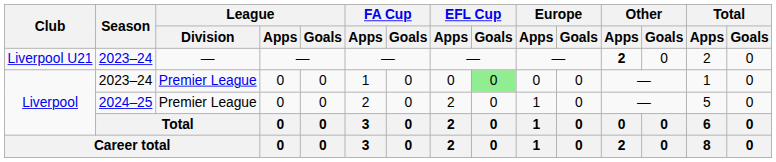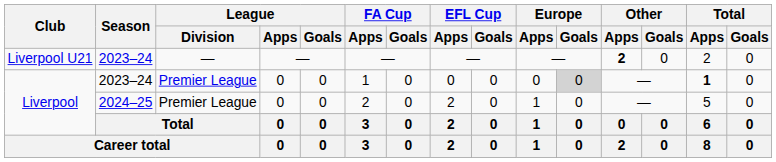 <table class="wikitable" style="text-align: center;">
 <tr>
 <th rowspan="2">Club</th>
 <th rowspan="2">Season</th>
 <th colspan="3">League</th>
 <th colspan="2"><a href='#'>FA Cup</a></th>
 <th colspan="2"><a href='#'>EFL Cup</a></th>
 <th colspan="2">Europe</th>
 <th colspan="2">Other</th>
 <th colspan="2">Total</th>
 </tr>
 <tr>
 <th>Division</th>
 <th>Apps</th>
 <th>Goals</th>
 <th>Apps</th>
 <th>Goals</th>
 <th>Apps</th>
 <th>Goals</th>
 <th>Apps</th>
 <th>Goals</th>
 <th>Apps</th>
 <th>Goals</th>
 <th>Apps</th>
 <th>Goals</th>
 </tr>
 <tr>
 <td rowspan="1"><a href='#'>Liverpool U21</a></td>
 <td><a href='#'>2023–24</a></td>
 <td>—</td>
 <td colspan="2">—</td>
 <td colspan="2">—</td>
 <td colspan="2">—</td>
 <td colspan="2">—</td>
 <td><strong>2</strong></td>
 <td>0</td>
 <td>2</td>
 <td>0</td>
 </tr>
 <tr>
 <td rowspan="3"><a href='#'>Liverpool</a></td>
 <td>2023–24</td>
 <td><a href='#'>Premier League</a></td>
 <td>0</td>
 <td>0</td>
 <td>1</td>
 <td>0</td>
 <td>0</td>
-<td style="background: lightgreen;">0</td>
 <td>0</td>
 <td>0</td>
+<td style="background: lightgrey;">0</td>
 <td colspan="2">—</td>
-<td>1</td>
+<td><strong>1</strong></td>
 <td>0</td>
 </tr>
 <tr>
 <td><a href='#'>2024–25</a></td>
 <td>Premier League</td>
 <td>0</td>
 <td>0</td>
 <td>2</td>
 <td>0</td>
 <td>2</td>
 <td>0</td>
 <td>1</td>
 <td>0</td>
 <td colspan="2">—</td>
 <td>5</td>
 <td>0</td>
 </tr>
 <tr>
 <th colspan="2">Total</th>
 <th>0</th>
 <th>0</th>
 <th>3</th>
 <th>0</th>
 <th>2</th>
 <th>0</th>
 <th>1</th>
 <th>0</th>
 <th>0</th>
 <th>0</th>
 <th>6</th>
 <th>0</th>
 </tr>
 <tr>
 <th colspan="3">Career total</th>
 <th>0</th>
 <th>0</th>
 <th>3</th>
 <th>0</th>
 <th>2</th>
 <th>0</th>
 <th>1</th>
 <th>0</th>
 <th>2</th>
 <th>0</th>
 <th>8</th>
 <th>0</th>
 </tr>
 </table>
